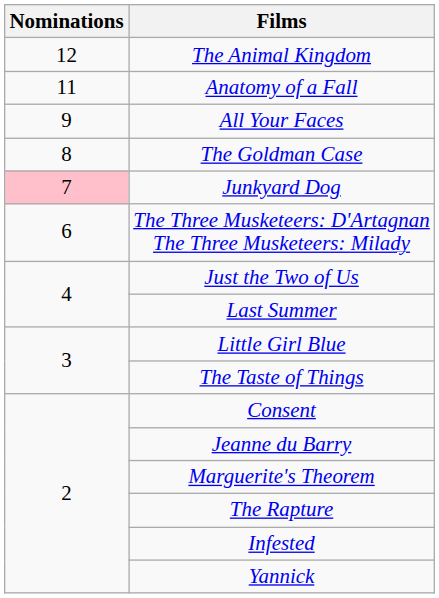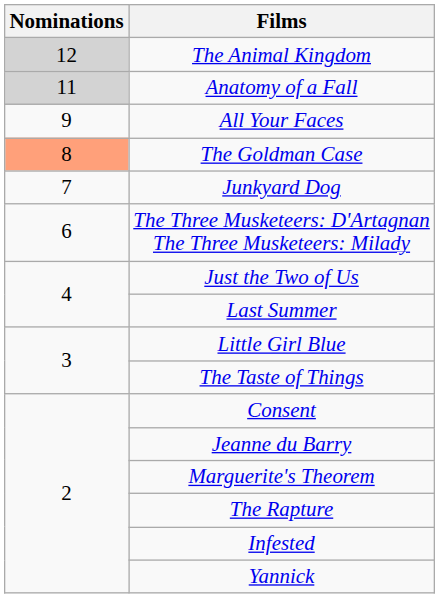 <table class="sortable wikitable" style="text-align:center">
 <tr>
 <th>Nominations</th>
 <th>Films</th>
 </tr>
 <tr>
-<td>12</td>
+<td style="background: lightgrey;">12</td>
 <td><em><a href='#'>The Animal Kingdom</a></em></td>
 </tr>
 <tr>
-<td>11</td>
+<td style="background: lightgrey;">11</td>
 <td><em><a href='#'>Anatomy of a Fall</a></em></td>
 </tr>
 <tr>
 <td>9</td>
 <td><em><a href='#'>All Your Faces</a></em></td>
 </tr>
 <tr>
-<td>8</td>
+<td style="background: lightsalmon;">8</td>
 <td><em><a href='#'>The Goldman Case</a></em></td>
 </tr>
 <tr>
-<td style="background: pink;">7</td>
+<td>7</td>
 <td><em><a href='#'>Junkyard Dog</a></em></td>
 </tr>
 <tr>
 <td>6</td>
 <td><em><a href='#'>The Three Musketeers: D'Artagnan</a></em><br><em><a href='#'>The Three Musketeers: Milady</a></em></td>
 </tr>
 <tr>
 <td rowspan="2">4</td>
 <td><em><a href='#'>Just the Two of Us</a></em></td>
 </tr>
 <tr>
 <td><em><a href='#'>Last Summer</a></em></td>
 </tr>
 <tr>
 <td rowspan="2">3</td>
 <td><em><a href='#'>Little Girl Blue</a></em></td>
 </tr>
 <tr>
 <td><em><a href='#'>The Taste of Things</a></em></td>
 </tr>
 <tr>
 <td rowspan="6">2</td>
 <td><em><a href='#'>Consent</a></em></td>
 </tr>
 <tr>
 <td><em><a href='#'>Jeanne du Barry</a></em></td>
 </tr>
 <tr>
 <td><em><a href='#'>Marguerite's Theorem</a></em></td>
 </tr>
 <tr>
 <td><em><a href='#'>The Rapture</a></em></td>
 </tr>
 <tr>
 <td><em><a href='#'>Infested</a></em></td>
 </tr>
 <tr>
 <td><em><a href='#'>Yannick</a></em></td>
 </tr>
 </table>
